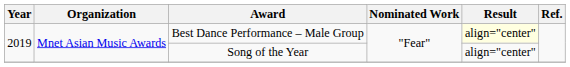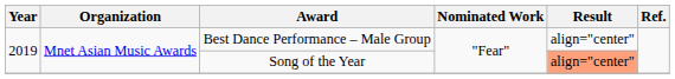 <table class="wikitable sortable plainrowheaders">
 <tr>
 <th scope="col">Year</th>
 <th scope="col">Organization</th>
 <th scope="col">Award</th>
 <th scope="col">Nominated Work</th>
 <th scope="col">Result</th>
 <th scope="col">Ref.</th>
 </tr>
 <tr>
 <td rowspan="2" align="center">2019</td>
 <td rowspan="2" align="center"><a href='#'>Mnet Asian Music Awards</a></td>
 <td align="center">Best Dance Performance – Male Group</td>
 <td rowspan="2" align="center">"Fear"</td>
-<td style="background: lightyellow;">align="center" </td>
+<td>align="center" </td>
 <td rowspan="2" align="center"></td>
 </tr>
 <tr>
 <td align="center">Song of the Year</td>
-<td>align="center" </td>
+<td style="background: lightsalmon;">align="center" </td>
 </tr>
 <tr>
 </tr>
 </table>
